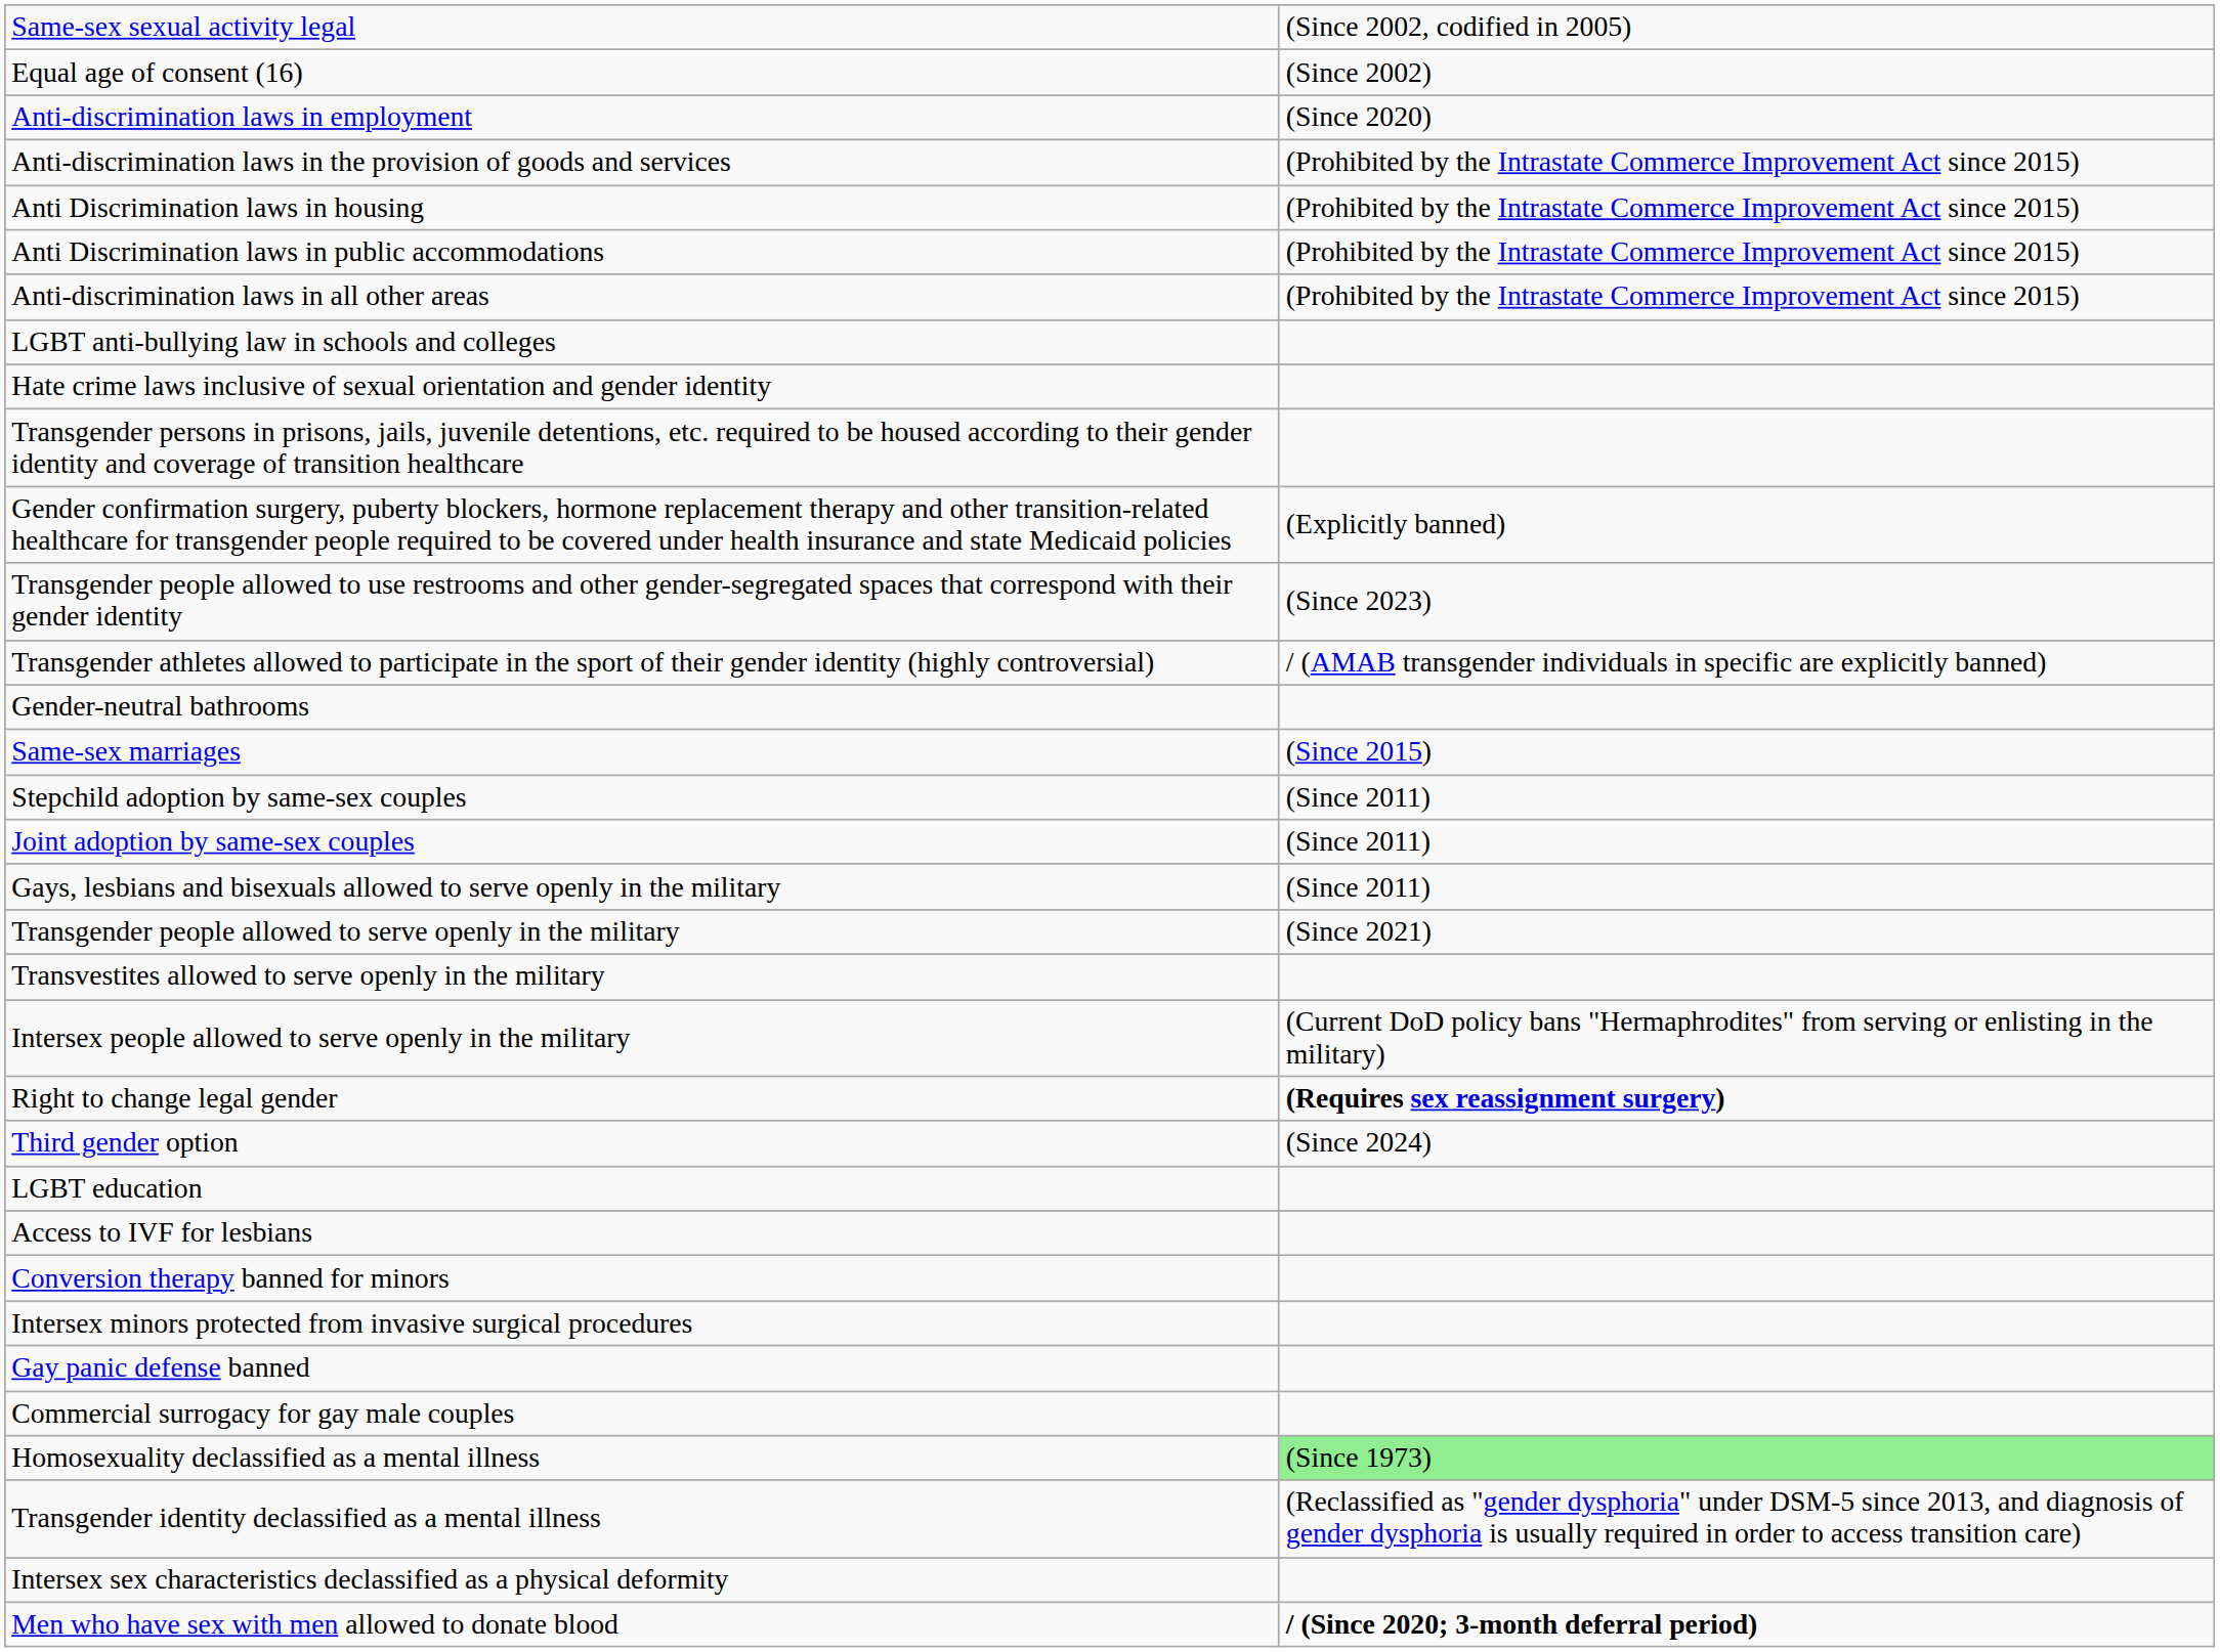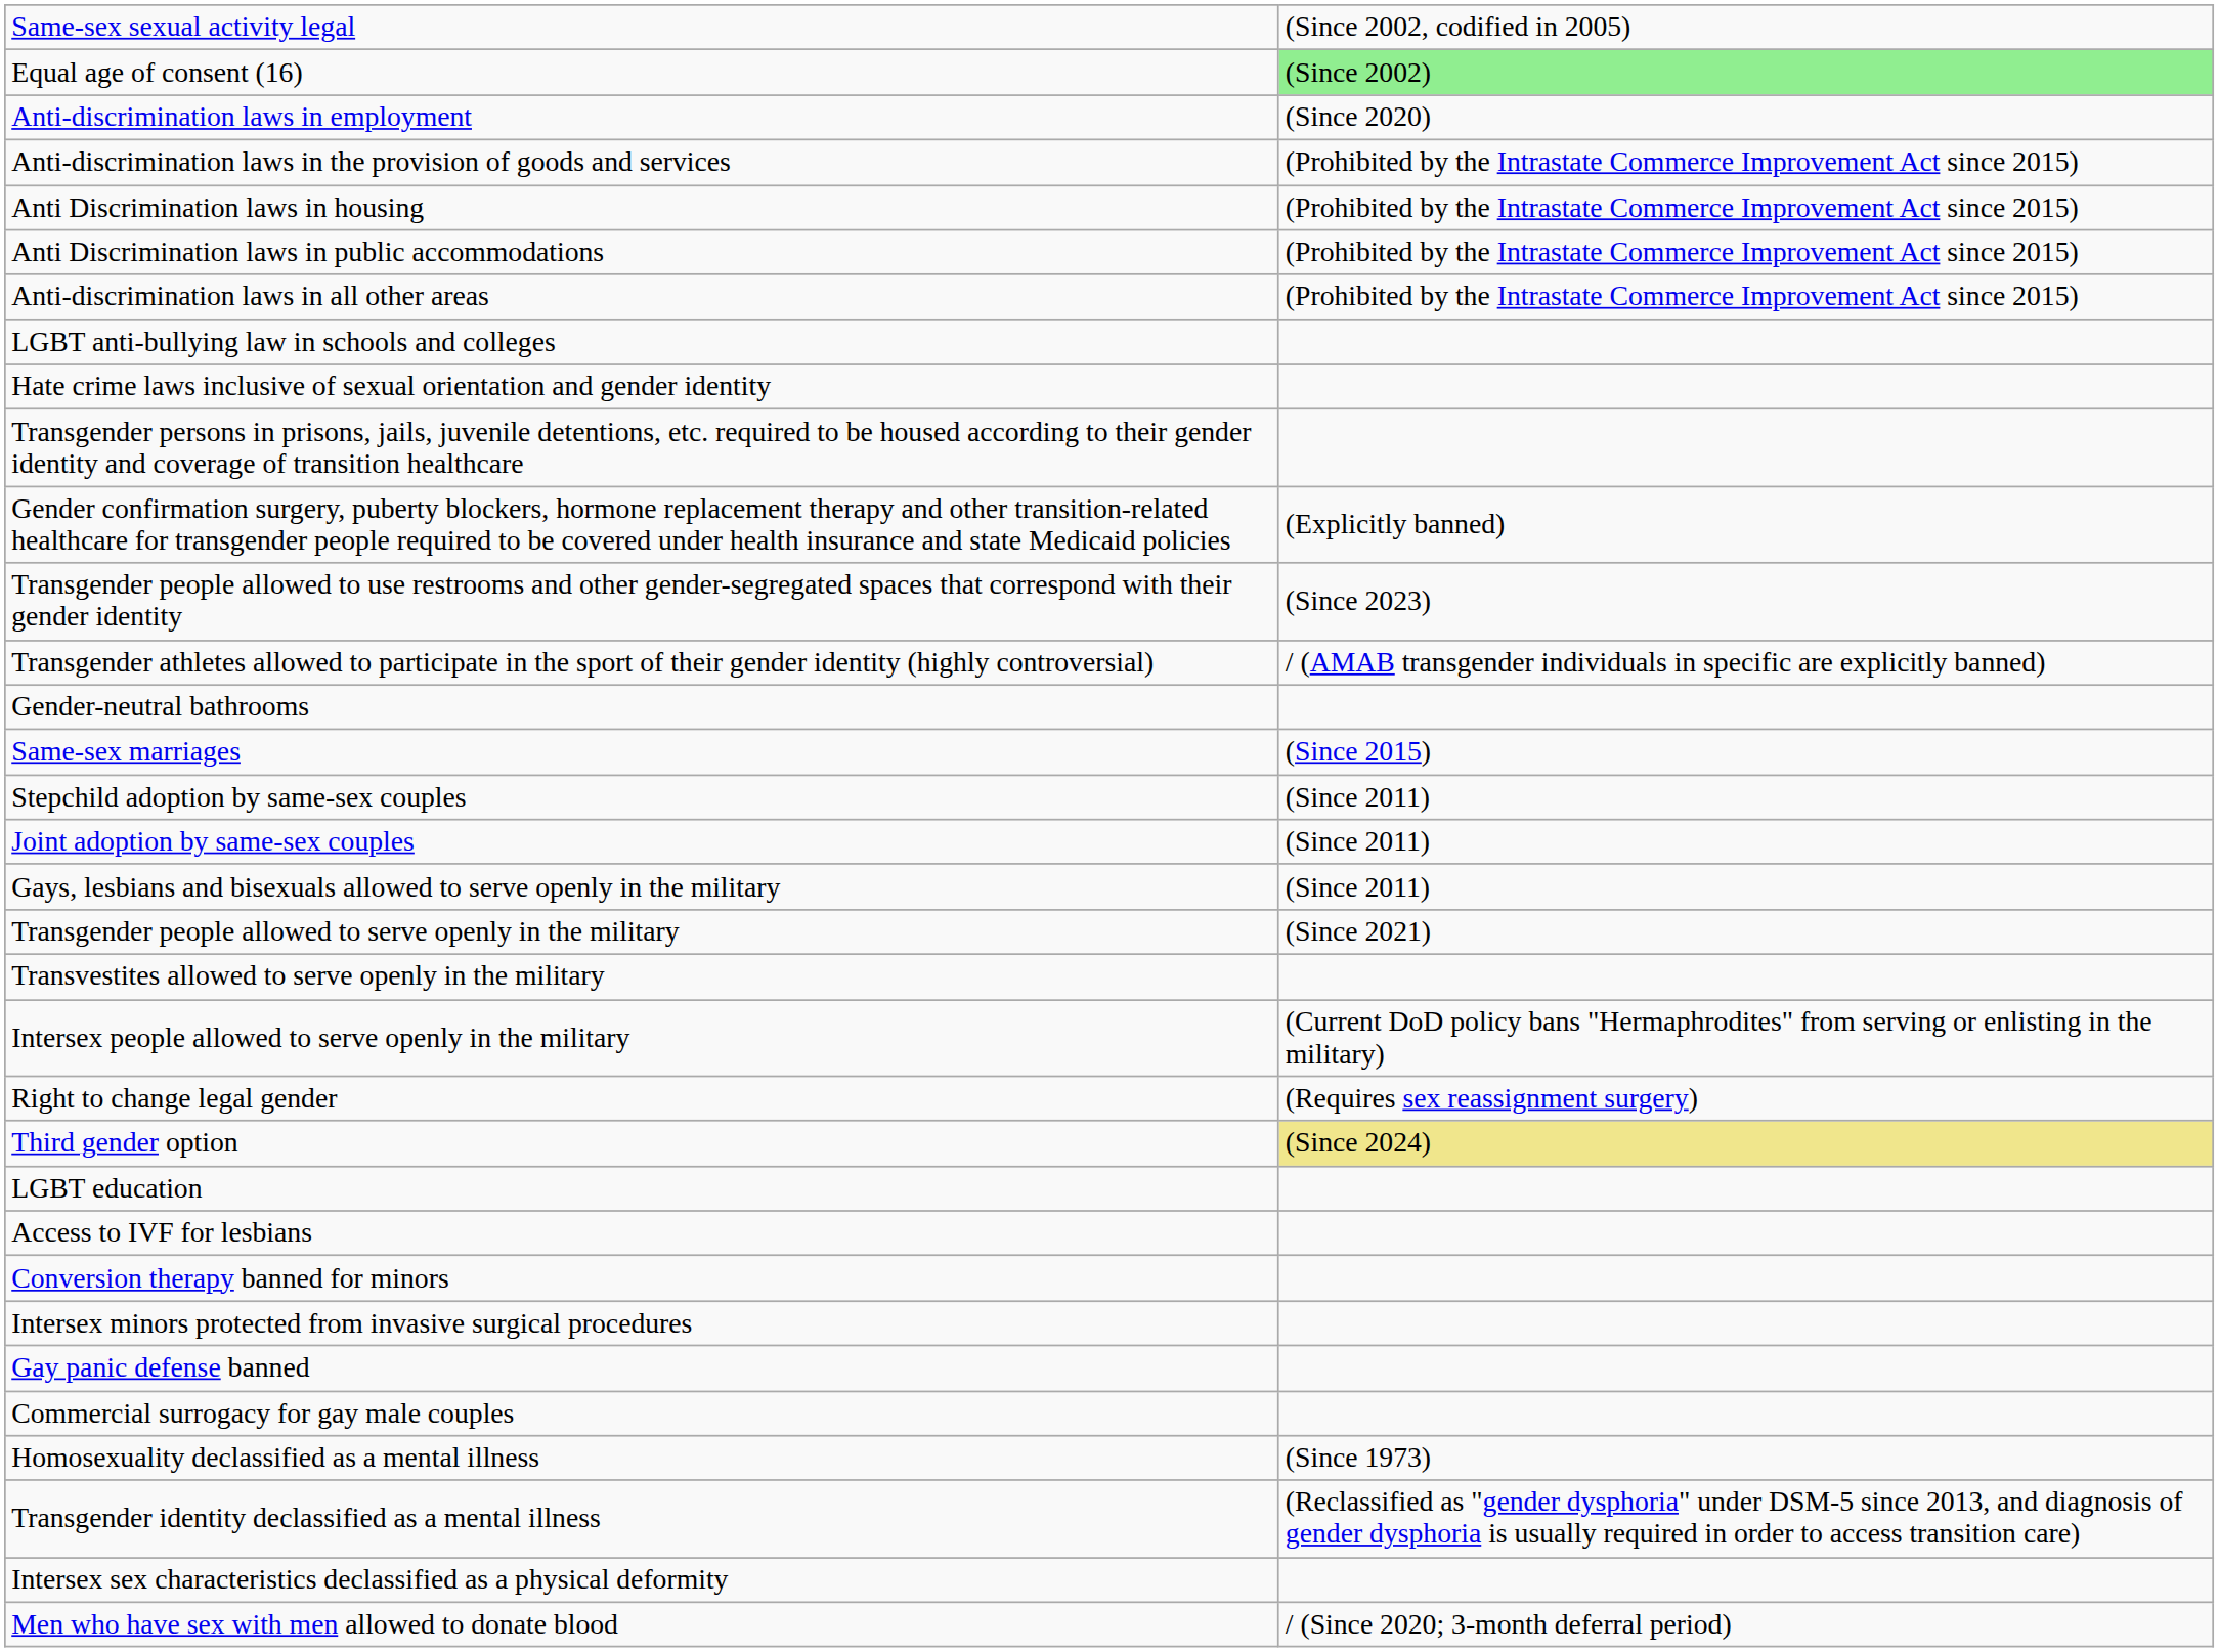 <table class="wikitable">
 <tr>
 <td><a href='#'>Same-sex sexual activity legal</a></td>
 <td> (Since 2002, codified in 2005)</td>
 </tr>
 <tr>
 <td>Equal age of consent (16)</td>
-<td> (Since 2002)</td>
+<td style="background: lightgreen;"> (Since 2002)</td>
 </tr>
 <tr>
 <td><a href='#'>Anti-discrimination laws in employment</a></td>
 <td> (Since 2020)</td>
 </tr>
 <tr>
 <td>Anti-discrimination laws in the provision of goods and services</td>
 <td> (Prohibited by the <a href='#'>Intrastate Commerce Improvement Act</a> since 2015)</td>
 </tr>
 <tr>
 <td>Anti Discrimination laws in housing</td>
 <td> (Prohibited by the <a href='#'>Intrastate Commerce Improvement Act</a> since 2015)</td>
 </tr>
 <tr>
 <td>Anti Discrimination laws in public accommodations</td>
 <td> (Prohibited by the <a href='#'>Intrastate Commerce Improvement Act</a> since 2015)</td>
 </tr>
 <tr>
 <td>Anti-discrimination laws in all other areas</td>
 <td> (Prohibited by the <a href='#'>Intrastate Commerce Improvement Act</a> since 2015)</td>
 </tr>
 <tr>
 <td>LGBT anti-bullying law in schools and colleges</td>
 <td></td>
 </tr>
 <tr>
 <td>Hate crime laws inclusive of sexual orientation and gender identity</td>
 <td></td>
 </tr>
 <tr>
 <td>Transgender persons in prisons, jails, juvenile detentions, etc. required to be housed according to their gender identity and coverage of transition healthcare</td>
 <td></td>
 </tr>
 <tr>
 <td>Gender confirmation surgery, puberty blockers, hormone replacement therapy and other transition-related healthcare for transgender people required to be covered under health insurance and state Medicaid policies</td>
 <td> (Explicitly banned)</td>
 </tr>
 <tr>
 <td>Transgender people allowed to use restrooms and other gender-segregated spaces that correspond with their gender identity</td>
 <td>(Since 2023)</td>
 </tr>
 <tr>
 <td>Transgender athletes allowed to participate in the sport of their gender identity (highly controversial)</td>
 <td>/ (<a href='#'>AMAB</a> transgender individuals in specific are explicitly banned)</td>
 </tr>
 <tr>
 <td>Gender-neutral bathrooms</td>
 <td></td>
 </tr>
 <tr>
 <td><a href='#'>Same-sex marriages</a></td>
 <td> (<a href='#'>Since 2015</a>)</td>
 </tr>
 <tr>
 <td>Stepchild adoption by same-sex couples</td>
 <td> (Since 2011)</td>
 </tr>
 <tr>
 <td><a href='#'>Joint adoption by same-sex couples</a></td>
 <td> (Since 2011)</td>
 </tr>
 <tr>
 <td>Gays, lesbians and bisexuals allowed to serve openly in the military</td>
 <td> (Since 2011)</td>
 </tr>
 <tr>
 <td>Transgender people allowed to serve openly in the military</td>
 <td> (Since 2021)</td>
 </tr>
 <tr>
 <td>Transvestites allowed to serve openly in the military</td>
 <td></td>
 </tr>
 <tr>
 <td>Intersex people allowed to serve openly in the military</td>
 <td> (Current DoD policy bans "Hermaphrodites" from serving or enlisting in the military)</td>
 </tr>
 <tr>
 <td>Right to change legal gender</td>
-<td><strong> (Requires <a href='#'>sex reassignment surgery</a>)</strong></td>
+<td> (Requires <a href='#'>sex reassignment surgery</a>)</td>
 </tr>
 <tr>
 <td><a href='#'>Third gender</a> option</td>
-<td> (Since 2024)</td>
+<td style="background: khaki;"> (Since 2024)</td>
 </tr>
 <tr>
 <td>LGBT education</td>
 <td></td>
 </tr>
 <tr>
 <td>Access to IVF for lesbians</td>
 <td></td>
 </tr>
 <tr>
 <td><a href='#'>Conversion therapy</a> banned for minors</td>
 <td></td>
 </tr>
 <tr>
 <td>Intersex minors protected from invasive surgical procedures</td>
 <td></td>
 </tr>
 <tr>
 <td><a href='#'>Gay panic defense</a> banned</td>
 <td></td>
 </tr>
 <tr>
 <td>Commercial surrogacy for gay male couples</td>
 <td></td>
 </tr>
 <tr>
 <td>Homosexuality declassified as a mental illness</td>
-<td style="background: lightgreen;"> (Since 1973)</td>
+<td> (Since 1973)</td>
 </tr>
 <tr>
 <td>Transgender identity declassified as a mental illness</td>
 <td> (Reclassified as "<a href='#'>gender dysphoria</a>" under DSM-5 since 2013, and diagnosis of <a href='#'>gender dysphoria</a> is usually required in order to access transition care)</td>
 </tr>
 <tr>
 <td>Intersex sex characteristics declassified as a physical deformity</td>
 <td></td>
 </tr>
 <tr>
 <td><a href='#'>Men who have sex with men</a> allowed to donate blood</td>
-<td><strong>/ (Since 2020; 3-month deferral period)</strong></td>
+<td>/ (Since 2020; 3-month deferral period)</td>
 </tr>
 </table>
